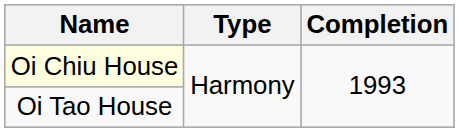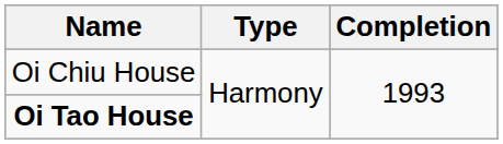 <table class="wikitable" style="text-align: center">
 <tr>
 <th>Name</th>
 <th>Type</th>
 <th>Completion</th>
 </tr>
 <tr>
-<td style="background: lightyellow;">Oi Chiu House</td>
+<td>Oi Chiu House</td>
 <td rowspan="2">Harmony</td>
 <td rowspan="2">1993</td>
 </tr>
 <tr>
-<td>Oi Tao House</td>
+<td><strong>Oi Tao House</strong></td>
 </tr>
 </table>
